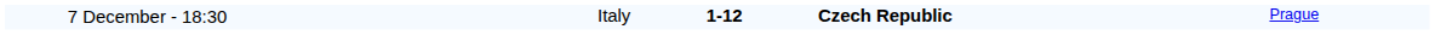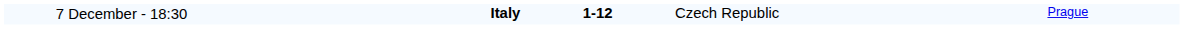 <table style="width: 100%; background:#F5FAFF;" cellspacing="0">
 <tr>
 <td align=center rowspan=3 width=20%>7 December - 18:30</td>
 </tr>
 <tr>
-<td width=24% align=right>Italy </td>
+<td width=24% align=right><strong>Italy </strong></td>
 <td align=center width=13%><strong>1-12</strong></td>
-<td width=24%><strong> Czech Republic</strong></td>
+<td width=24%> Czech Republic</td>
 <td style=font-size:85% rowspan=3 valign=top align=center><a href='#'>Prague</a></td>
 </tr>
 <tr style=font-size:85%>
 <td align=right valign=top></td>
 <td></td>
 <td></td>
 </tr>
 </table>
